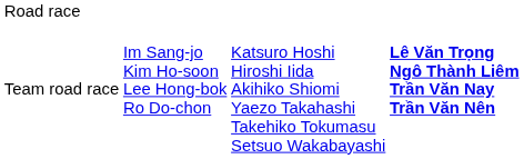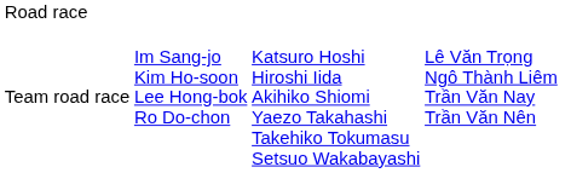 <table>
 <tr>
 <td>Road race</td>
 <td></td>
 <td></td>
 <td></td>
 </tr>
 <tr>
 <td>Team road race</td>
 <td valign=top><br><a href='#'>Im Sang-jo</a><br><a href='#'>Kim Ho-soon</a><br><a href='#'>Lee Hong-bok</a><br><a href='#'>Ro Do-chon</a></td>
 <td><br><a href='#'>Katsuro Hoshi</a><br><a href='#'>Hiroshi Iida</a><br><a href='#'>Akihiko Shiomi</a><br><a href='#'>Yaezo Takahashi</a><br><a href='#'>Takehiko Tokumasu</a><br><a href='#'>Setsuo Wakabayashi</a></td>
-<td valign=top><strong><br><a href='#'>Lê Văn Trọng</a><br><a href='#'>Ngô Thành Liêm</a><br><a href='#'>Trần Văn Nay</a><br><a href='#'>Trần Văn Nên</a></strong></td>
+<td valign=top><br><a href='#'>Lê Văn Trọng</a><br><a href='#'>Ngô Thành Liêm</a><br><a href='#'>Trần Văn Nay</a><br><a href='#'>Trần Văn Nên</a></td>
 </tr>
 </table>
